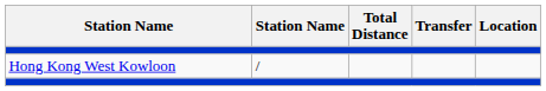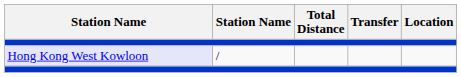 <table class="wikitable">
 <tr>
 <th width = "250pt">Station Name<br></th>
 <th>Station Name<br></th>
 <th>Total<br>Distance</th>
 <th>Transfer</th>
 <th>Location</th>
 </tr>
 <tr style = "background:#0033c9; height: 2pt">
 <td colspan = "6"></td>
 </tr>
 <tr>
-<td><a href='#'>Hong Kong West Kowloon</a></td>
+<td style="background: lavender;"><a href='#'>Hong Kong West Kowloon</a></td>
 <td><span> / </span></td>
 <td></td>
 <td><br>  </td>
 <td></td>
 </tr>
 <tr style = "background:#0033c9; height: 2pt">
 <td colspan = "6"></td>
 </tr>
 </table>
